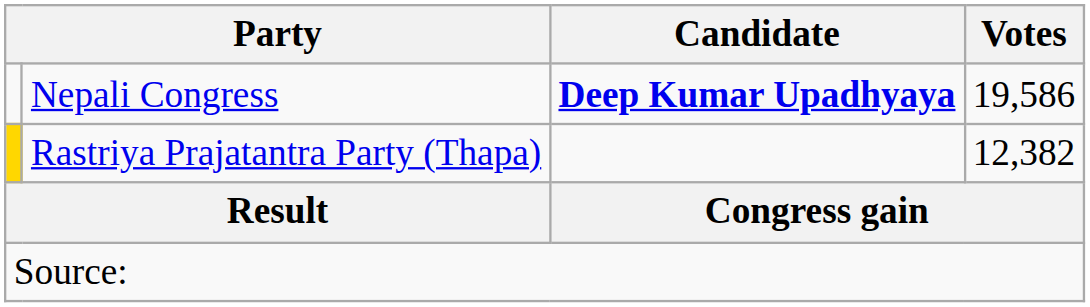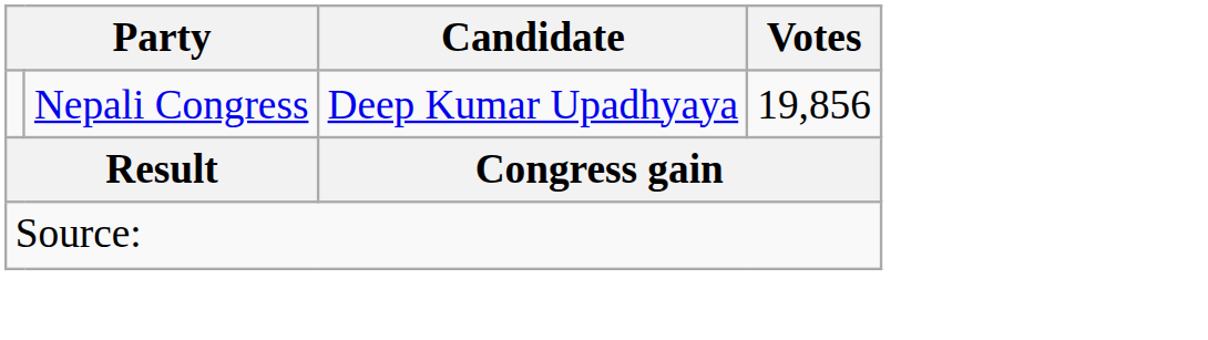 <table class="wikitable">
 <tr>
 <th colspan="2">Party</th>
 <th>Candidate</th>
 <th>Votes</th>
 </tr>
 <tr>
 <td style="background-color:"></td>
 <td><a href='#'>Nepali Congress</a></td>
-<td><strong><a href='#'>Deep Kumar Upadhyaya</a></strong></td>
-<td>19,586</td>
-</tr>
-<tr>
-<td style="background-color:gold"></td>
-<td><a href='#'>Rastriya Prajatantra Party (Thapa)</a></td>
-<td></td>
-<td>12,382</td>
+<td><a href='#'>Deep Kumar Upadhyaya</a></td>
+<td>19,856</td>
 </tr>
 <tr>
 <th colspan="2">Result</th>
 <th colspan="2">Congress gain</th>
 </tr>
 <tr>
 <td colspan="4">Source: </td>
 </tr>
 </table>
